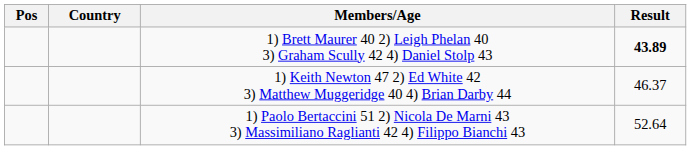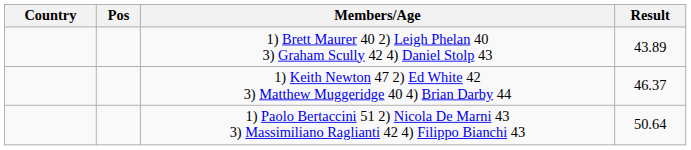 <table class="wikitable"  style="text-align:center; width:60%;">
 <tr>
+<th>Country</th>
 <th>Pos</th>
-<th>Country</th>
 <th>Members/Age</th>
 <th>Result</th>
 </tr>
 <tr>
+<td align=left></td>
 <td align=center></td>
-<td align=left></td>
 <td>1) <a href='#'>Brett Maurer</a> 40 2) <a href='#'>Leigh Phelan</a> 40<br>3) <a href='#'>Graham Scully</a> 42 4) <a href='#'>Daniel Stolp</a> 43</td>
-<td><strong>43.89</strong></td>
+<td>43.89</td>
 </tr>
 <tr>
+<td align=left></td>
 <td align=center></td>
-<td align=left></td>
 <td>1) <a href='#'>Keith Newton</a> 47 2) <a href='#'>Ed White</a> 42<br>3) <a href='#'>Matthew Muggeridge</a> 40 4) <a href='#'>Brian Darby</a> 44</td>
 <td>46.37</td>
 </tr>
 <tr>
+<td align=left></td>
 <td align=center></td>
-<td align=left></td>
 <td>1) <a href='#'>Paolo Bertaccini</a> 51 2) <a href='#'>Nicola De Marni</a>  43<br>3) <a href='#'>Massimiliano Raglianti</a> 42 4) <a href='#'>Filippo Bianchi</a> 43</td>
-<td>52.64</td>
+<td>50.64</td>
 </tr>
 </table>
